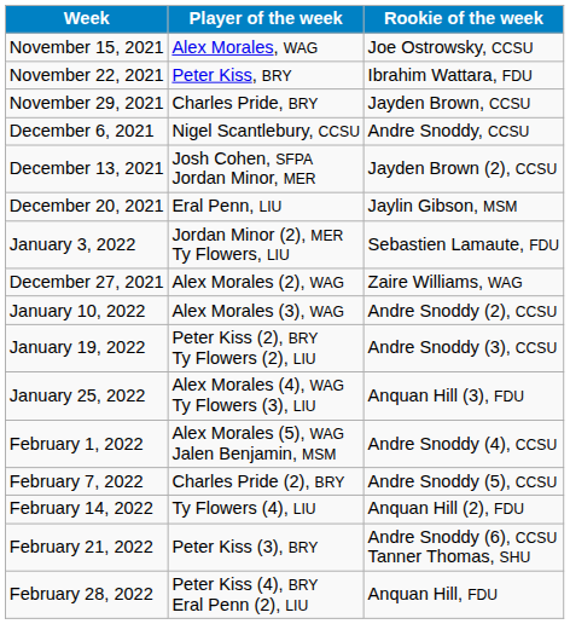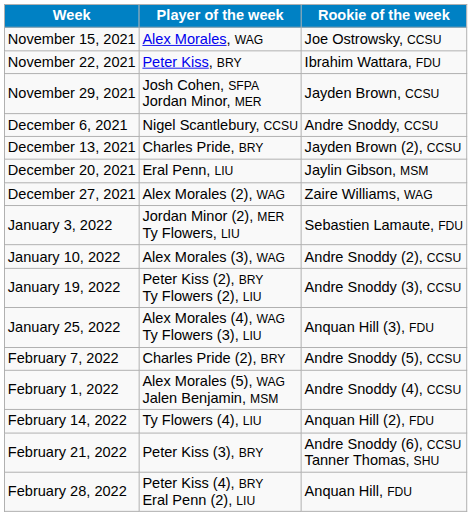 <table class="wikitable" border="1">
 <tr>
 <th align="center" style="background:#0081C4; color:#FFFFFF;">Week</th>
 <th align="center" style="background:#0081C4; color:#FFFFFF;">Player of the week</th>
 <th align="center" style="background:#0081C4; color:#FFFFFF;">Rookie of the week</th>
 </tr>
 <tr>
 <td>November 15, 2021</td>
 <td><a href='#'>Alex Morales</a>, <small>WAG</small></td>
 <td>Joe Ostrowsky, <small>CCSU</small></td>
 </tr>
 <tr>
 <td>November 22, 2021</td>
 <td><a href='#'>Peter Kiss</a>, <small>BRY</small></td>
 <td>Ibrahim Wattara, <small>FDU</small></td>
 </tr>
 <tr>
 <td>November 29, 2021</td>
-<td>Charles Pride, <small>BRY</small></td>
+<td>Josh Cohen, <small>SFPA</small><br>Jordan Minor, <small>MER</small></td>
 <td>Jayden Brown, <small>CCSU</small></td>
 </tr>
 <tr>
 <td>December 6, 2021</td>
 <td>Nigel Scantlebury, <small>CCSU</small></td>
 <td>Andre Snoddy, <small>CCSU</small></td>
 </tr>
 <tr>
 <td>December 13, 2021</td>
-<td>Josh Cohen, <small>SFPA</small><br>Jordan Minor, <small>MER</small></td>
+<td>Charles Pride, <small>BRY</small></td>
 <td>Jayden Brown (2), <small>CCSU</small></td>
 </tr>
 <tr>
 <td>December 20, 2021</td>
 <td>Eral Penn, <small>LIU</small></td>
 <td>Jaylin Gibson, <small>MSM</small></td>
 </tr>
 <tr>
+<td>December 27, 2021</td>
+<td>Alex Morales (2), <small>WAG</small></td>
+<td>Zaire Williams, <small>WAG</small></td>
+</tr>
+<tr>
 <td>January 3, 2022</td>
 <td>Jordan Minor (2), <small>MER</small><br>Ty Flowers, <small>LIU</small></td>
 <td>Sebastien Lamaute, <small>FDU</small></td>
-</tr>
-<tr>
-<td>December 27, 2021</td>
-<td>Alex Morales (2), <small>WAG</small></td>
-<td>Zaire Williams, <small>WAG</small></td>
 </tr>
 <tr>
 <td>January 10, 2022</td>
 <td>Alex Morales (3), <small>WAG</small></td>
 <td>Andre Snoddy (2), <small>CCSU</small></td>
 </tr>
 <tr>
 <td>January 19, 2022</td>
 <td>Peter Kiss (2), <small>BRY</small><br>Ty Flowers (2), <small>LIU</small></td>
 <td>Andre Snoddy (3), <small>CCSU</small></td>
 </tr>
 <tr>
 <td>January 25, 2022</td>
 <td>Alex Morales (4), <small>WAG</small><br>Ty Flowers (3), <small>LIU</small></td>
 <td>Anquan Hill (3), <small>FDU</small></td>
 </tr>
 <tr>
+<td>February 7, 2022</td>
+<td>Charles Pride (2), <small>BRY</small></td>
+<td>Andre Snoddy (5), <small>CCSU</small></td>
+</tr>
+<tr>
 <td>February 1, 2022</td>
 <td>Alex Morales (5), <small>WAG</small><br>Jalen Benjamin, <small>MSM</small></td>
 <td>Andre Snoddy (4), <small>CCSU</small></td>
-</tr>
-<tr>
-<td>February 7, 2022</td>
-<td>Charles Pride (2), <small>BRY</small></td>
-<td>Andre Snoddy (5), <small>CCSU</small></td>
 </tr>
 <tr>
 <td>February 14, 2022</td>
 <td>Ty Flowers (4), <small>LIU</small></td>
 <td>Anquan Hill (2), <small>FDU</small></td>
 </tr>
 <tr>
 <td>February 21, 2022</td>
 <td>Peter Kiss (3), <small>BRY</small></td>
 <td>Andre Snoddy (6), <small>CCSU</small><br>Tanner Thomas, <small>SHU</small></td>
 </tr>
 <tr>
 <td>February 28, 2022</td>
 <td>Peter Kiss (4), <small>BRY</small><br>Eral Penn (2), <small>LIU</small></td>
 <td>Anquan Hill, <small>FDU</small></td>
 </tr>
 </table>
